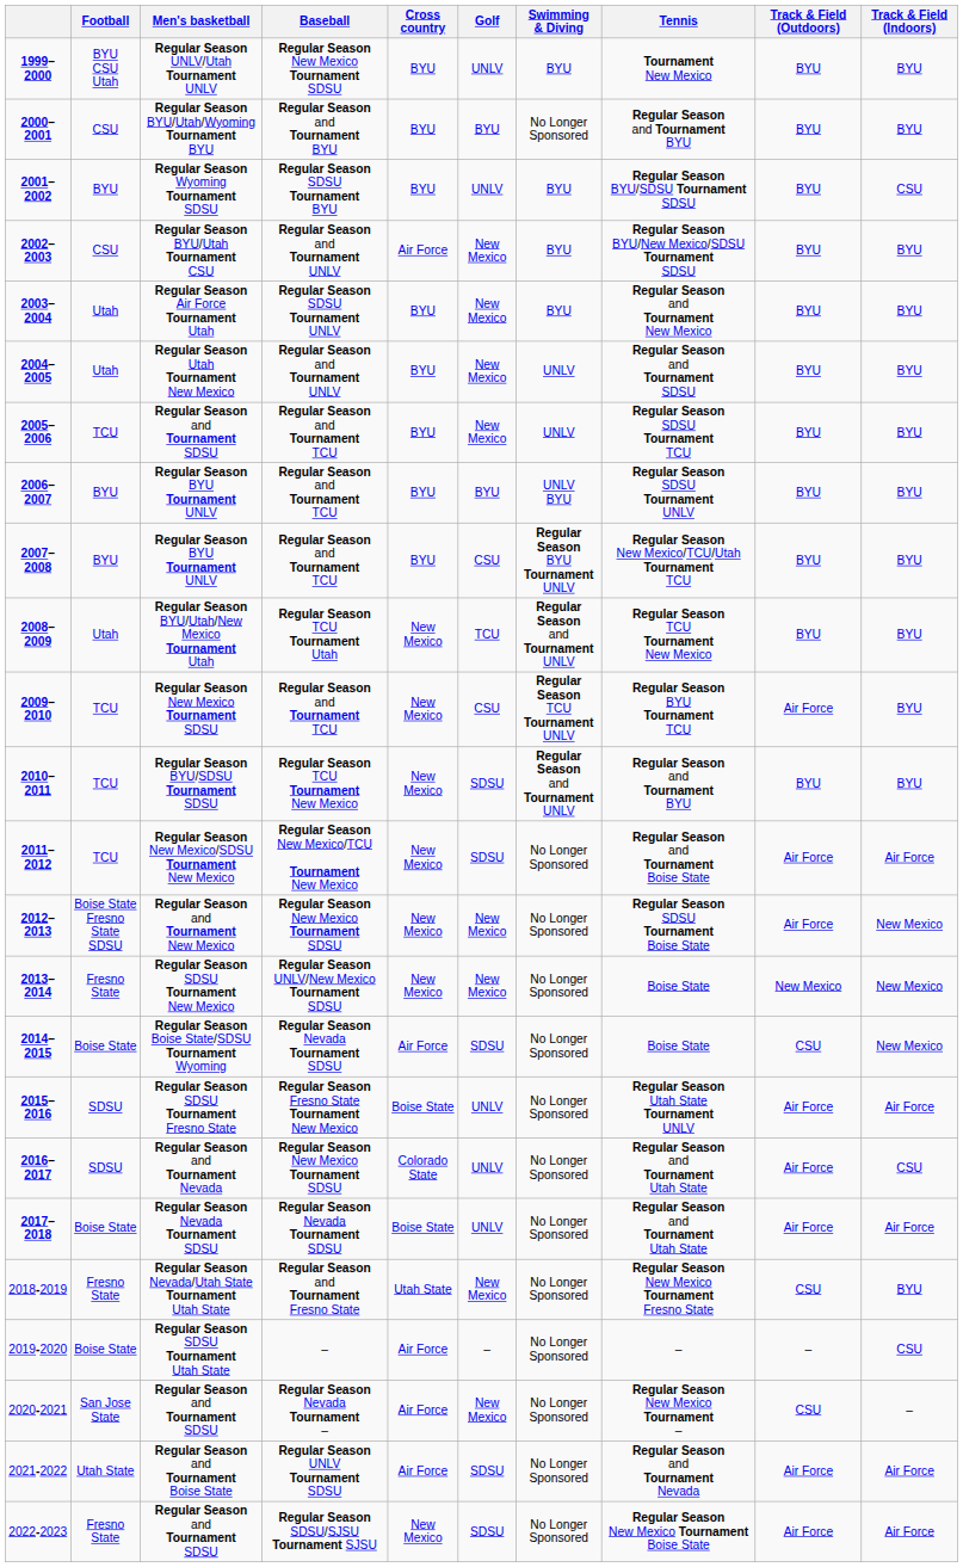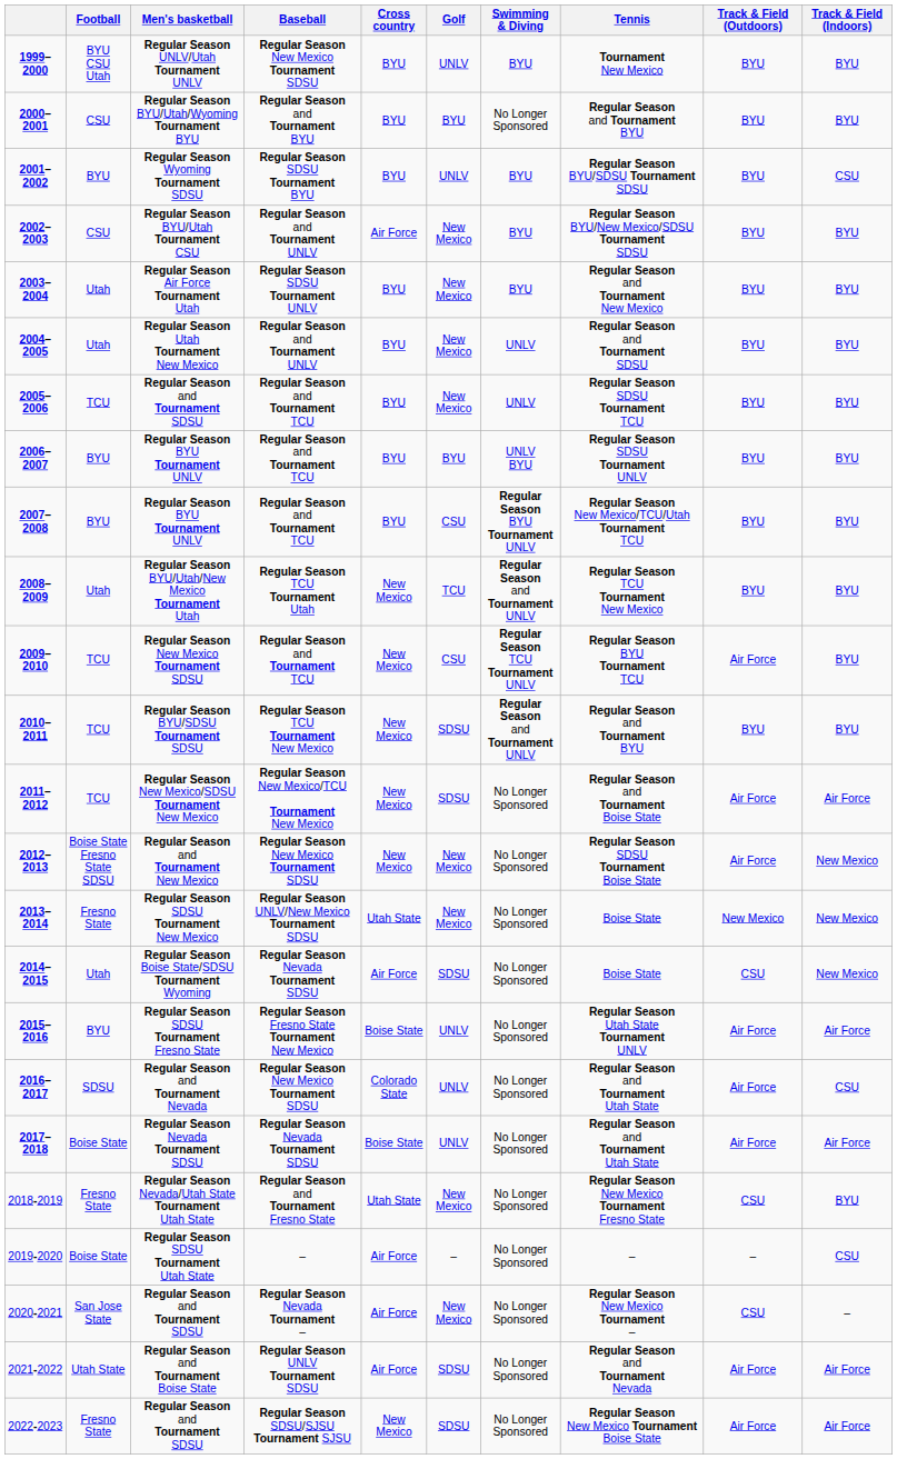 <table class="wikitable" style="text-align:center">
 <tr>
 <th></th>
 <th><a href='#'>Football</a></th>
 <th><a href='#'>Men's basketball</a></th>
 <th><a href='#'>Baseball</a></th>
 <th><a href='#'>Cross country</a></th>
 <th><a href='#'>Golf</a></th>
 <th><a href='#'>Swimming <br> & Diving</a></th>
 <th><a href='#'>Tennis</a></th>
 <th><a href='#'>Track & Field  (Outdoors)</a></th>
 <th><a href='#'>Track & Field (Indoors)</a></th>
 </tr>
 <tr>
 <td><strong><a href='#'>1999</a>–<a href='#'>2000</a></strong></td>
 <td><a href='#'>BYU</a> <br> <a href='#'>CSU</a> <br> <a href='#'>Utah</a></td>
 <td><strong>Regular Season</strong> <br> <a href='#'>UNLV</a>/<a href='#'>Utah</a> <br> <strong>Tournament</strong> <br> <a href='#'>UNLV</a></td>
 <td><strong>Regular Season</strong> <br> <a href='#'>New Mexico</a> <br> <strong>Tournament</strong> <br> <a href='#'>SDSU</a></td>
 <td><a href='#'>BYU</a></td>
 <td><a href='#'>UNLV</a></td>
 <td><a href='#'>BYU</a></td>
 <td><strong>Tournament</strong> <br> <a href='#'>New Mexico</a></td>
 <td><a href='#'>BYU</a></td>
 <td><a href='#'>BYU</a></td>
 </tr>
 <tr>
 <td><strong><a href='#'>2000</a>–<a href='#'>2001</a></strong></td>
 <td><a href='#'>CSU</a></td>
 <td><strong>Regular Season</strong> <br> <a href='#'>BYU</a>/<a href='#'>Utah</a>/<a href='#'>Wyoming</a> <br> <strong>Tournament</strong> <br> <a href='#'>BYU</a></td>
 <td><strong>Regular Season</strong> <br> and <br> <strong>Tournament</strong> <br> <a href='#'>BYU</a></td>
 <td><a href='#'>BYU</a></td>
 <td><a href='#'>BYU</a></td>
 <td>No Longer <br>Sponsored</td>
 <td><strong>Regular Season</strong><br>and <strong>Tournament</strong> <br> <a href='#'>BYU</a></td>
 <td><a href='#'>BYU</a></td>
 <td><a href='#'>BYU</a></td>
 </tr>
 <tr>
 <td><strong><a href='#'>2001</a>–<a href='#'>2002</a></strong></td>
 <td><a href='#'>BYU</a></td>
 <td><strong>Regular Season</strong> <br> <a href='#'>Wyoming</a><br> <strong>Tournament</strong> <br> <a href='#'>SDSU</a></td>
 <td><strong>Regular Season</strong> <br> <a href='#'>SDSU</a> <br> <strong>Tournament</strong> <br> <a href='#'>BYU</a></td>
 <td><a href='#'>BYU</a></td>
 <td><a href='#'>UNLV</a></td>
 <td><a href='#'>BYU</a></td>
 <td><strong>Regular Season</strong> <br> <a href='#'>BYU</a>/<a href='#'>SDSU</a> <strong>Tournament</strong> <br> <a href='#'>SDSU</a></td>
 <td><a href='#'>BYU</a></td>
 <td><a href='#'>CSU</a></td>
 </tr>
 <tr>
 <td><strong><a href='#'>2002</a>–<a href='#'>2003</a></strong></td>
 <td><a href='#'>CSU</a></td>
 <td><strong>Regular Season</strong> <br> <a href='#'>BYU</a>/<a href='#'>Utah</a> <br> <strong>Tournament</strong> <br> <a href='#'>CSU</a></td>
 <td><strong>Regular Season</strong> <br> and <br> <strong>Tournament</strong> <br> <a href='#'>UNLV</a></td>
 <td><a href='#'>Air Force</a></td>
 <td><a href='#'>New Mexico</a></td>
 <td><a href='#'>BYU</a></td>
 <td><strong>Regular Season</strong> <br> <a href='#'>BYU</a>/<a href='#'>New Mexico</a>/<a href='#'>SDSU</a><br><strong>Tournament</strong> <br> <a href='#'>SDSU</a></td>
 <td><a href='#'>BYU</a></td>
 <td><a href='#'>BYU</a></td>
 </tr>
 <tr>
 <td><strong><a href='#'>2003</a>–<a href='#'>2004</a></strong></td>
 <td><a href='#'>Utah</a></td>
 <td><strong>Regular Season</strong> <br> <a href='#'>Air Force</a> <br> <strong>Tournament</strong> <br> <a href='#'>Utah</a></td>
 <td><strong>Regular Season</strong> <br> <a href='#'>SDSU</a> <br> <strong>Tournament</strong> <br> <a href='#'>UNLV</a></td>
 <td><a href='#'>BYU</a></td>
 <td><a href='#'>New Mexico</a></td>
 <td><a href='#'>BYU</a></td>
 <td><strong>Regular Season</strong> <br> and <br><strong>Tournament</strong> <br> <a href='#'>New Mexico</a></td>
 <td><a href='#'>BYU</a></td>
 <td><a href='#'>BYU</a></td>
 </tr>
 <tr>
 <td><strong><a href='#'>2004</a>–<a href='#'>2005</a></strong></td>
 <td><a href='#'>Utah</a></td>
 <td><strong>Regular Season</strong> <br> <a href='#'>Utah</a> <br> <strong>Tournament</strong> <br> <a href='#'>New Mexico</a></td>
 <td><strong>Regular Season</strong> <br> and <br> <strong>Tournament</strong> <br> <a href='#'>UNLV</a></td>
 <td><a href='#'>BYU</a></td>
 <td><a href='#'>New Mexico</a></td>
 <td><a href='#'>UNLV</a></td>
 <td><strong>Regular Season</strong> <br> and<br><strong>Tournament</strong> <br> <a href='#'>SDSU</a></td>
 <td><a href='#'>BYU</a></td>
 <td><a href='#'>BYU</a></td>
 </tr>
 <tr>
 <td><strong><a href='#'>2005</a>–<a href='#'>2006</a></strong></td>
 <td><a href='#'>TCU</a></td>
 <td><strong>Regular Season</strong> <br> and <br> <strong><a href='#'>Tournament</a></strong> <br> <a href='#'>SDSU</a></td>
 <td><strong>Regular Season</strong> <br> and <br> <strong>Tournament</strong> <br> <a href='#'>TCU</a></td>
 <td><a href='#'>BYU</a></td>
 <td><a href='#'>New Mexico</a></td>
 <td><a href='#'>UNLV</a></td>
 <td><strong>Regular Season</strong> <br> <a href='#'>SDSU</a> <br> <strong>Tournament</strong> <br> <a href='#'>TCU</a></td>
 <td><a href='#'>BYU</a></td>
 <td><a href='#'>BYU</a></td>
 </tr>
 <tr>
 <td><strong><a href='#'>2006</a>–<a href='#'>2007</a></strong></td>
 <td><a href='#'>BYU</a></td>
 <td><strong>Regular Season</strong> <br> <a href='#'>BYU</a><br> <strong><a href='#'>Tournament</a></strong> <br> <a href='#'>UNLV</a></td>
 <td><strong>Regular Season</strong> <br>and <br><strong>Tournament</strong><br><a href='#'>TCU</a></td>
 <td><a href='#'>BYU</a></td>
 <td><a href='#'>BYU</a></td>
 <td><a href='#'>UNLV</a> <br> <a href='#'>BYU</a></td>
 <td><strong>Regular Season</strong> <br>  <a href='#'>SDSU</a> <br> <strong>Tournament</strong> <br><a href='#'>UNLV</a></td>
 <td><a href='#'>BYU</a></td>
 <td><a href='#'>BYU</a></td>
 </tr>
 <tr>
 <td><strong><a href='#'>2007</a>–<a href='#'>2008</a></strong></td>
 <td><a href='#'>BYU</a></td>
 <td><strong>Regular Season</strong> <br> <a href='#'>BYU</a><br> <strong><a href='#'>Tournament</a></strong> <br> <a href='#'>UNLV</a></td>
 <td><strong>Regular Season</strong> <br>and <br><strong>Tournament</strong><br> <a href='#'>TCU</a></td>
 <td><a href='#'>BYU</a></td>
 <td><a href='#'>CSU</a></td>
 <td><strong>Regular Season</strong> <br> <a href='#'>BYU</a><br> <strong>Tournament</strong><br> <a href='#'>UNLV</a></td>
 <td><strong>Regular Season</strong> <br> <a href='#'>New Mexico</a>/<a href='#'>TCU</a>/<a href='#'>Utah</a><br><strong>Tournament</strong><br><a href='#'>TCU</a></td>
 <td><a href='#'>BYU</a></td>
 <td><a href='#'>BYU</a></td>
 </tr>
 <tr>
 <td><strong><a href='#'>2008</a>–<a href='#'>2009</a></strong></td>
 <td><a href='#'>Utah</a></td>
 <td><strong>Regular Season</strong> <br> <a href='#'>BYU</a>/<a href='#'>Utah</a>/<a href='#'>New Mexico</a><br> <strong><a href='#'>Tournament</a></strong> <br> <a href='#'>Utah</a></td>
 <td><strong>Regular Season</strong> <br><a href='#'>TCU</a><br><strong>Tournament</strong><br><a href='#'>Utah</a></td>
 <td><a href='#'>New Mexico</a></td>
 <td><a href='#'>TCU</a></td>
 <td><strong>Regular Season</strong> <br>and <br><strong>Tournament</strong><br> <a href='#'>UNLV</a></td>
 <td><strong>Regular Season</strong><br><a href='#'>TCU</a><br><strong>Tournament</strong><br><a href='#'>New Mexico</a></td>
 <td><a href='#'>BYU</a></td>
 <td><a href='#'>BYU</a></td>
 </tr>
 <tr>
 <td><strong><a href='#'>2009</a>–<a href='#'>2010</a></strong></td>
 <td><a href='#'>TCU</a></td>
 <td><strong>Regular Season</strong> <br> <a href='#'>New Mexico</a> <br> <strong><a href='#'>Tournament</a></strong> <br> <a href='#'>SDSU</a></td>
 <td><strong>Regular Season</strong> <br> and <br> <strong><a href='#'>Tournament</a></strong> <br><a href='#'>TCU</a></td>
 <td><a href='#'>New Mexico</a></td>
 <td><a href='#'>CSU</a></td>
 <td><strong>Regular Season</strong><br> <a href='#'>TCU</a> <br><strong>Tournament</strong><br> <a href='#'>UNLV</a></td>
 <td><strong>Regular Season</strong> <br> <a href='#'>BYU</a> <br> <strong>Tournament</strong> <br> <a href='#'>TCU</a></td>
 <td><a href='#'>Air Force</a></td>
 <td><a href='#'>BYU</a></td>
 </tr>
 <tr>
 <td><strong><a href='#'>2010</a>–<a href='#'>2011</a></strong></td>
 <td><a href='#'>TCU</a></td>
 <td><strong>Regular Season</strong> <br> <a href='#'>BYU</a>/<a href='#'>SDSU</a><br> <strong><a href='#'>Tournament</a></strong> <br> <a href='#'>SDSU</a></td>
 <td><strong>Regular Season</strong> <br> <a href='#'>TCU</a><br><strong><a href='#'>Tournament</a></strong><br> <a href='#'>New Mexico</a></td>
 <td><a href='#'>New Mexico</a></td>
 <td><a href='#'>SDSU</a></td>
 <td><strong>Regular Season</strong> <br>and <br><strong>Tournament</strong><br> <a href='#'>UNLV</a></td>
 <td><strong>Regular Season</strong> <br> and <br><strong>Tournament</strong><br><a href='#'>BYU</a></td>
 <td><a href='#'>BYU</a></td>
 <td><a href='#'>BYU</a></td>
 </tr>
 <tr>
 <td><strong><a href='#'>2011</a>–<a href='#'>2012</a></strong></td>
 <td><a href='#'>TCU</a></td>
 <td><strong>Regular Season</strong> <br> <a href='#'>New Mexico</a>/<a href='#'>SDSU</a> <br> <strong><a href='#'>Tournament</a></strong><br> <a href='#'>New Mexico</a></td>
 <td><strong>Regular Season</strong><br><a href='#'>New Mexico</a>/<a href='#'>TCU</a><br><br><strong><a href='#'>Tournament</a></strong><br><a href='#'>New Mexico</a></td>
 <td><a href='#'>New Mexico</a></td>
 <td><a href='#'>SDSU</a></td>
 <td>No Longer <br>Sponsored</td>
 <td><strong>Regular Season</strong> <br>and <br><strong>Tournament</strong><br> <a href='#'>Boise State</a></td>
 <td><a href='#'>Air Force</a></td>
 <td><a href='#'>Air Force</a></td>
 </tr>
 <tr>
 <td><strong><a href='#'>2012</a>–<a href='#'>2013</a></strong></td>
 <td><a href='#'>Boise State</a><br><a href='#'>Fresno State</a><br><a href='#'>SDSU</a></td>
 <td><strong>Regular Season</strong> <br> and <br><strong><a href='#'>Tournament</a></strong><br> <a href='#'>New Mexico</a></td>
 <td><strong>Regular Season</strong> <br> <a href='#'>New Mexico</a><br><strong><a href='#'>Tournament</a></strong><br><a href='#'>SDSU</a></td>
 <td><a href='#'>New Mexico</a></td>
 <td><a href='#'>New Mexico</a></td>
 <td>No Longer <br>Sponsored</td>
 <td><strong>Regular Season</strong> <br><a href='#'>SDSU</a> <br><strong>Tournament</strong><br><a href='#'>Boise State</a></td>
 <td><a href='#'>Air Force</a></td>
 <td><a href='#'>New Mexico</a></td>
 </tr>
 <tr>
 <td><strong><a href='#'>2013</a>–<a href='#'>2014</a></strong></td>
 <td><a href='#'>Fresno State</a></td>
 <td><strong>Regular Season</strong> <br> <a href='#'>SDSU</a> <br><strong>Tournament</strong><br><a href='#'>New Mexico</a></td>
 <td><strong>Regular Season</strong> <br><a href='#'>UNLV</a>/<a href='#'>New Mexico</a> <br><strong>Tournament</strong><br><a href='#'>SDSU</a></td>
-<td><a href='#'>New Mexico</a></td>
+<td><a href='#'>Utah State</a></td>
 <td><a href='#'>New Mexico</a></td>
 <td>No Longer <br>Sponsored</td>
 <td><a href='#'>Boise State</a></td>
 <td><a href='#'>New Mexico</a></td>
 <td><a href='#'>New Mexico</a></td>
 </tr>
 <tr>
 <td><strong><a href='#'>2014</a>–<a href='#'>2015</a></strong></td>
-<td><a href='#'>Boise State</a></td>
+<td><a href='#'>Utah</a></td>
 <td><strong>Regular Season</strong> <br><a href='#'>Boise State</a>/<a href='#'>SDSU</a>  <br><strong>Tournament</strong><br><a href='#'>Wyoming</a></td>
 <td><strong>Regular Season</strong> <br><a href='#'>Nevada</a><br><strong>Tournament</strong><br><a href='#'>SDSU</a></td>
 <td><a href='#'>Air Force</a></td>
 <td><a href='#'>SDSU</a></td>
 <td>No Longer <br>Sponsored</td>
 <td><a href='#'>Boise State</a></td>
 <td><a href='#'>CSU</a></td>
 <td><a href='#'>New Mexico</a></td>
 </tr>
 <tr>
 <td><strong><a href='#'>2015</a>–<a href='#'>2016</a></strong></td>
-<td><a href='#'>SDSU</a></td>
+<td><a href='#'>BYU</a></td>
 <td><strong>Regular Season</strong> <br><a href='#'>SDSU</a>  <br><strong>Tournament</strong><br><a href='#'>Fresno State</a></td>
 <td><strong>Regular Season</strong> <br><a href='#'>Fresno State</a><br><strong>Tournament</strong><br><a href='#'>New Mexico</a></td>
 <td><a href='#'>Boise State</a></td>
 <td><a href='#'>UNLV</a></td>
 <td>No Longer <br>Sponsored</td>
 <td><strong>Regular Season</strong> <br><a href='#'>Utah State</a><br><strong>Tournament</strong><br><a href='#'>UNLV</a></td>
 <td><a href='#'>Air Force</a></td>
 <td><a href='#'>Air Force</a></td>
 </tr>
 <tr>
 <td><strong><a href='#'>2016</a>–<a href='#'>2017</a></strong></td>
 <td><a href='#'>SDSU</a></td>
 <td><strong>Regular Season</strong> <br>and<br><strong>Tournament</strong><br><a href='#'>Nevada</a></td>
 <td><strong>Regular Season</strong> <br><a href='#'>New Mexico</a><br><strong>Tournament</strong><br><a href='#'>SDSU</a></td>
 <td><a href='#'>Colorado State</a></td>
 <td><a href='#'>UNLV</a></td>
 <td>No Longer <br>Sponsored</td>
 <td><strong>Regular Season</strong> <br>and<br><strong>Tournament</strong><br><a href='#'>Utah State</a></td>
 <td><a href='#'>Air Force</a></td>
 <td><a href='#'>CSU</a></td>
 </tr>
 <tr>
 <td><strong><a href='#'>2017</a>–<a href='#'>2018</a></strong></td>
 <td><a href='#'>Boise State</a></td>
 <td><strong>Regular Season</strong><br><a href='#'>Nevada</a><br><strong>Tournament</strong><br><a href='#'>SDSU</a></td>
 <td><strong>Regular Season</strong> <br><a href='#'>Nevada</a><br><strong>Tournament</strong><br><a href='#'>SDSU</a></td>
 <td><a href='#'>Boise State</a></td>
 <td><a href='#'>UNLV</a></td>
 <td>No Longer <br>Sponsored</td>
 <td><strong>Regular Season</strong> <br>and<br><strong>Tournament</strong><br><a href='#'>Utah State</a></td>
 <td><a href='#'>Air Force</a></td>
 <td><a href='#'>Air Force</a></td>
 </tr>
 <tr>
 <td><a href='#'>2018</a><strong>-</strong><a href='#'>2019</a></td>
 <td><a href='#'>Fresno State</a></td>
 <td><strong>Regular Season</strong><br><a href='#'>Nevada</a>/<a href='#'>Utah State</a><br><strong>Tournament</strong><br><a href='#'>Utah State</a></td>
 <td><strong>Regular Season</strong> <br>and<br><strong>Tournament</strong><br><a href='#'>Fresno State</a></td>
 <td><a href='#'>Utah State</a></td>
 <td><a href='#'>New Mexico</a></td>
 <td>No Longer <br>Sponsored</td>
 <td><strong>Regular Season</strong> <br><a href='#'>New Mexico</a><br><strong>Tournament</strong><br><a href='#'>Fresno State</a></td>
 <td><a href='#'>CSU</a></td>
 <td><a href='#'>BYU</a></td>
 </tr>
 <tr>
 <td><a href='#'>2019</a><strong>-</strong><a href='#'>2020</a></td>
 <td><a href='#'>Boise State</a></td>
 <td><strong>Regular Season</strong><br><a href='#'>SDSU</a><br><strong>Tournament</strong><br><a href='#'>Utah State</a></td>
 <td>–</td>
 <td><a href='#'>Air Force</a></td>
 <td>–</td>
 <td>No Longer <br>Sponsored</td>
 <td>–</td>
 <td>–</td>
 <td><a href='#'>CSU</a></td>
 </tr>
 <tr>
 <td><a href='#'>2020</a><strong>-</strong><a href='#'>2021</a></td>
 <td><a href='#'>San Jose State</a></td>
 <td><strong>Regular Season</strong> <br>and<br><strong>Tournament</strong><br><a href='#'>SDSU</a></td>
 <td><strong>Regular Season</strong> <br><a href='#'>Nevada</a><br><strong>Tournament</strong><br>–</td>
 <td><a href='#'>Air Force</a></td>
 <td><a href='#'>New Mexico</a></td>
 <td>No Longer <br>Sponsored</td>
 <td><strong>Regular Season</strong> <br><a href='#'>New Mexico</a><br><strong>Tournament</strong><br>–</td>
 <td><a href='#'>CSU</a></td>
 <td>–</td>
 </tr>
 <tr>
 <td><a href='#'>2021</a><strong>-</strong><a href='#'>2022</a></td>
 <td><a href='#'>Utah State</a></td>
 <td><strong>Regular Season</strong> <br>and<br><strong>Tournament</strong><br><a href='#'>Boise State</a></td>
 <td><strong>Regular Season</strong> <br><a href='#'>UNLV</a><br><strong>Tournament</strong><br><a href='#'>SDSU</a></td>
 <td><a href='#'>Air Force</a></td>
 <td><a href='#'>SDSU</a></td>
 <td>No Longer <br>Sponsored</td>
 <td><strong>Regular Season</strong> <br>and<br><strong>Tournament</strong><br><a href='#'>Nevada</a></td>
 <td><a href='#'>Air Force</a></td>
 <td><a href='#'>Air Force</a></td>
 </tr>
 <tr>
 <td><a href='#'>2022</a><strong>-</strong><a href='#'>2023</a></td>
 <td><a href='#'>Fresno State</a></td>
 <td><strong>Regular Season</strong> <br>and<br><strong>Tournament</strong><br><a href='#'>SDSU</a></td>
 <td><strong>Regular Season</strong><br><a href='#'>SDSU</a>/<a href='#'>SJSU</a> <strong>Tournament</strong> <a href='#'>SJSU</a></td>
 <td><a href='#'>New Mexico</a></td>
 <td><a href='#'>SDSU</a></td>
 <td>No Longer <br>Sponsored</td>
 <td><strong>Regular Season</strong><br><a href='#'>New Mexico</a> <strong>Tournament</strong> <a href='#'>Boise State</a></td>
 <td><a href='#'>Air Force</a></td>
 <td><a href='#'>Air Force</a></td>
 </tr>
 </table>
